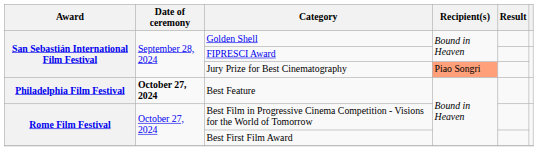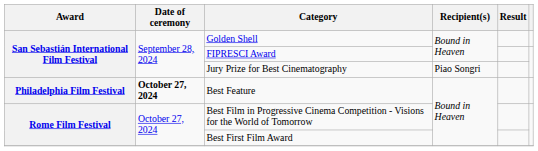 <table class="wikitable sortable plainrowheaders">
 <tr>
 <th scope="col">Award</th>
 <th scope="col">Date of ceremony</th>
 <th scope="col">Category</th>
 <th scope="col">Recipient(s)</th>
 <th scope="col">Result</th>
 <th scope="col" class="unsortable"></th>
 </tr>
 <tr>
 <th scope="row" rowspan="3"><a href='#'>San Sebastián International Film Festival</a></th>
 <td rowspan="3"><a href='#'>September 28, 2024</a></td>
 <td><a href='#'>Golden Shell</a></td>
 <td rowspan="2"><em>Bound in Heaven</em></td>
 <td></td>
 <td align="center"></td>
 </tr>
 <tr>
 <td><a href='#'>FIPRESCI Award</a></td>
 <td></td>
 <td align="center" rowspan="2"></td>
 </tr>
 <tr>
 <td>Jury Prize for Best Cinematography</td>
-<td style="background: lightsalmon;">Piao Songri</td>
+<td>Piao Songri</td>
 <td></td>
 </tr>
 <tr>
 <th scope="row" rowspan="1"><a href='#'>Philadelphia Film Festival</a></th>
 <td rowspan="1"><strong>October 27, 2024</strong></td>
 <td>Best Feature</td>
 <td rowspan="3"><em>Bound in Heaven</em></td>
 <td></td>
 <td align="center"></td>
 </tr>
 <tr>
 <th scope="row" rowspan="2"><a href='#'>Rome Film Festival</a></th>
 <td rowspan="2"><a href='#'>October 27, 2024</a></td>
 <td>Best Film in Progressive Cinema Competition - Visions for the World of Tomorrow</td>
 <td></td>
 <td align="center" rowspan="2"></td>
 </tr>
 <tr>
 <td>Best First Film Award</td>
 <td></td>
 </tr>
 <tr>
 </tr>
 </table>
